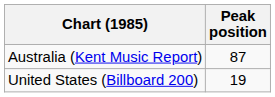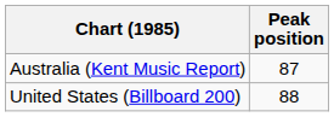 <table class="wikitable">
 <tr>
 <th scope="col">Chart (1985)</th>
 <th>Peak<br>position</th>
 </tr>
 <tr>
 <td>Australia (<a href='#'>Kent Music Report</a>)</td>
 <td style="text-align:center;">87</td>
 </tr>
 <tr>
 <td>United States (<a href='#'>Billboard 200</a>)</td>
-<td style="text-align:center;">19</td>
+<td style="text-align:center;">88</td>
 </tr>
 </table>
